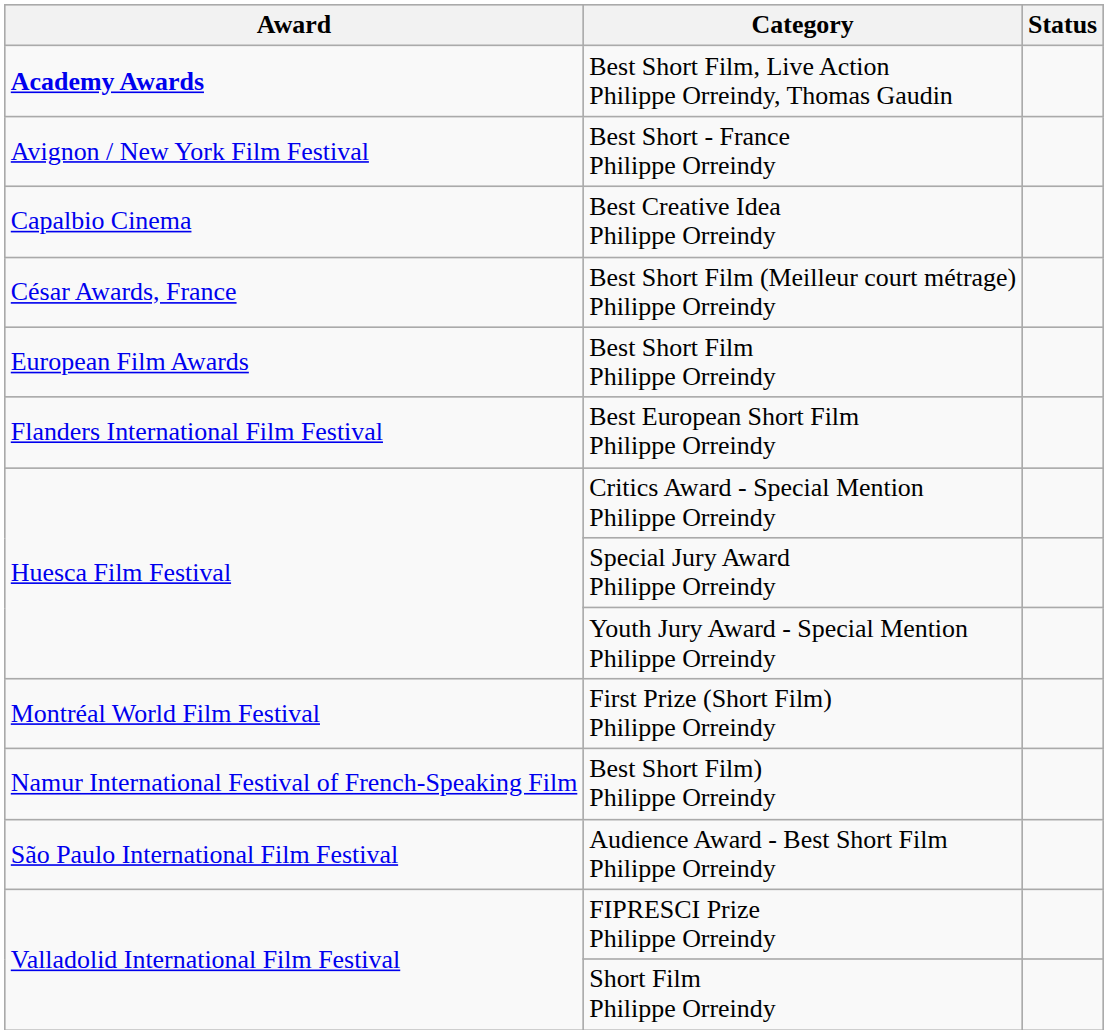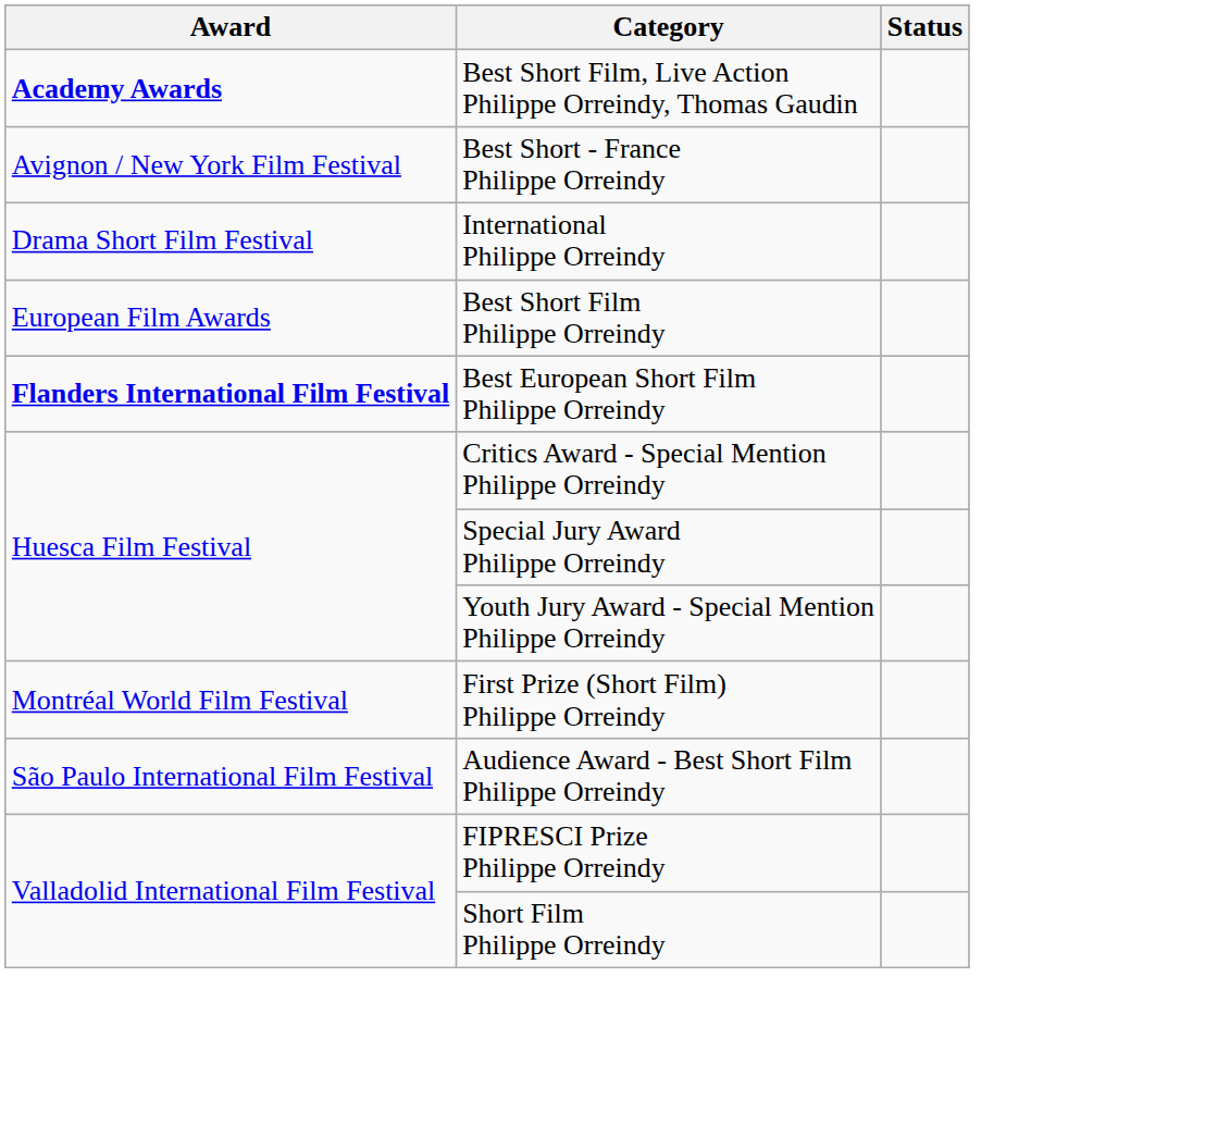 <table class="wikitable">
 <tr>
 <th>Award</th>
 <th>Category</th>
 <th>Status</th>
 </tr>
 <tr>
 <td><strong><a href='#'>Academy Awards</a></strong></td>
 <td>Best Short Film, Live Action<br>Philippe Orreindy, Thomas Gaudin</td>
 <td></td>
 </tr>
 <tr>
 <td><a href='#'>Avignon / New York Film Festival</a></td>
 <td>Best Short - France<br>Philippe Orreindy</td>
 <td></td>
 </tr>
 <tr>
-<td><a href='#'>Capalbio Cinema</a></td>
-<td>Best Creative Idea<br>Philippe Orreindy</td>
-<td></td>
-</tr>
-<tr>
-<td><a href='#'>César Awards, France</a></td>
-<td>Best Short Film (Meilleur court métrage)<br>Philippe Orreindy</td>
+<td><a href='#'>Drama Short Film Festival</a></td>
+<td>International<br>Philippe Orreindy</td>
 <td></td>
 </tr>
 <tr>
 <td><a href='#'>European Film Awards</a></td>
 <td>Best Short Film<br>Philippe Orreindy</td>
 <td></td>
 </tr>
 <tr>
-<td><a href='#'>Flanders International Film Festival</a></td>
+<td><strong><a href='#'>Flanders International Film Festival</a></strong></td>
 <td>Best European Short Film<br>Philippe Orreindy</td>
 <td></td>
 </tr>
 <tr>
 <td rowspan="3"><a href='#'>Huesca Film Festival</a></td>
 <td>Critics Award - Special Mention<br>Philippe Orreindy</td>
 <td></td>
 </tr>
 <tr>
 <td>Special Jury Award<br>Philippe Orreindy</td>
 <td></td>
 </tr>
 <tr>
 <td>Youth Jury Award - Special Mention<br>Philippe Orreindy</td>
 <td></td>
 </tr>
 <tr>
 <td><a href='#'>Montréal World Film Festival</a></td>
 <td>First Prize (Short Film)<br>Philippe Orreindy</td>
 <td></td>
 </tr>
 <tr>
-<td><a href='#'>Namur International Festival of French-Speaking Film</a></td>
-<td>Best Short Film)<br>Philippe Orreindy</td>
-<td></td>
-</tr>
-<tr>
 <td><a href='#'>São Paulo International Film Festival</a></td>
 <td>Audience Award - Best Short Film<br>Philippe Orreindy</td>
 <td></td>
 </tr>
 <tr>
 <td rowspan="2"><a href='#'>Valladolid International Film Festival</a></td>
 <td>FIPRESCI Prize<br>Philippe Orreindy</td>
 <td></td>
 </tr>
 <tr>
 <td>Short Film<br>Philippe Orreindy</td>
 <td></td>
 </tr>
 </table>
